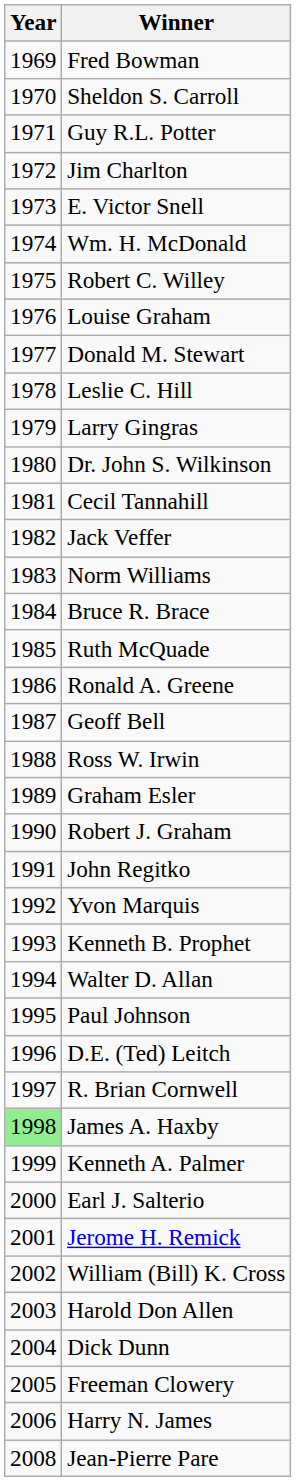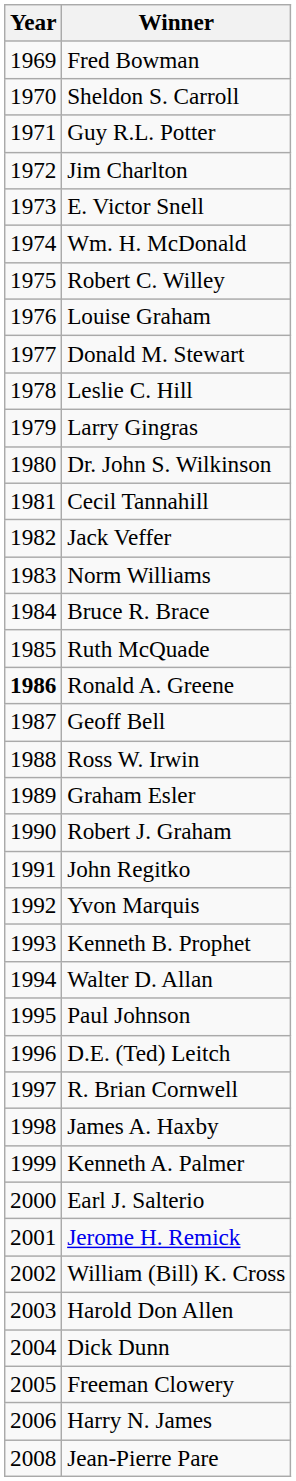 <table class="wikitable">
 <tr>
 <th>Year</th>
 <th>Winner</th>
 </tr>
 <tr>
 <td>1969</td>
 <td>Fred Bowman</td>
 </tr>
 <tr>
 <td>1970</td>
 <td>Sheldon S. Carroll</td>
 </tr>
 <tr>
 <td>1971</td>
 <td>Guy R.L. Potter</td>
 </tr>
 <tr>
 <td>1972</td>
 <td>Jim Charlton</td>
 </tr>
 <tr>
 <td>1973</td>
 <td>E. Victor Snell</td>
 </tr>
 <tr>
 <td>1974</td>
 <td>Wm. H. McDonald</td>
 </tr>
 <tr>
 <td>1975</td>
 <td>Robert C. Willey</td>
 </tr>
 <tr>
 <td>1976</td>
 <td>Louise Graham</td>
 </tr>
 <tr>
 <td>1977</td>
 <td>Donald M. Stewart</td>
 </tr>
 <tr>
 <td>1978</td>
 <td>Leslie C. Hill</td>
 </tr>
 <tr>
 <td>1979</td>
 <td>Larry Gingras</td>
 </tr>
 <tr>
 <td>1980</td>
 <td>Dr. John S. Wilkinson</td>
 </tr>
 <tr>
 <td>1981</td>
 <td>Cecil Tannahill</td>
 </tr>
 <tr>
 <td>1982</td>
 <td>Jack Veffer</td>
 </tr>
 <tr>
 <td>1983</td>
 <td>Norm Williams</td>
 </tr>
 <tr>
 <td>1984</td>
 <td>Bruce R. Brace</td>
 </tr>
 <tr>
 <td>1985</td>
 <td>Ruth McQuade</td>
 </tr>
 <tr>
-<td>1986</td>
+<td><strong>1986</strong></td>
 <td>Ronald A. Greene</td>
 </tr>
 <tr>
 <td>1987</td>
 <td>Geoff Bell</td>
 </tr>
 <tr>
 <td>1988</td>
 <td>Ross W. Irwin</td>
 </tr>
 <tr>
 <td>1989</td>
 <td>Graham Esler</td>
 </tr>
 <tr>
 <td>1990</td>
 <td>Robert J. Graham</td>
 </tr>
 <tr>
 <td>1991</td>
 <td>John Regitko</td>
 </tr>
 <tr>
 <td>1992</td>
 <td>Yvon Marquis</td>
 </tr>
 <tr>
 <td>1993</td>
 <td>Kenneth B. Prophet</td>
 </tr>
 <tr>
 <td>1994</td>
 <td>Walter D. Allan</td>
 </tr>
 <tr>
 <td>1995</td>
 <td>Paul Johnson</td>
 </tr>
 <tr>
 <td>1996</td>
 <td>D.E. (Ted) Leitch</td>
 </tr>
 <tr>
 <td>1997</td>
 <td>R. Brian Cornwell</td>
 </tr>
 <tr>
-<td style="background: lightgreen;">1998</td>
+<td>1998</td>
 <td>James A. Haxby</td>
 </tr>
 <tr>
 <td>1999</td>
 <td>Kenneth A. Palmer</td>
 </tr>
 <tr>
 <td>2000</td>
 <td>Earl J. Salterio</td>
 </tr>
 <tr>
 <td>2001</td>
 <td><a href='#'>Jerome H. Remick</a></td>
 </tr>
 <tr>
 <td>2002</td>
 <td>William (Bill) K. Cross</td>
 </tr>
 <tr>
 <td>2003</td>
 <td>Harold Don Allen</td>
 </tr>
 <tr>
 <td>2004</td>
 <td>Dick Dunn</td>
 </tr>
 <tr>
 <td>2005</td>
 <td>Freeman Clowery</td>
 </tr>
 <tr>
 <td>2006</td>
 <td>Harry N. James</td>
 </tr>
 <tr>
 <td>2008</td>
 <td>Jean-Pierre Pare</td>
 </tr>
 <tr>
 </tr>
 </table>
